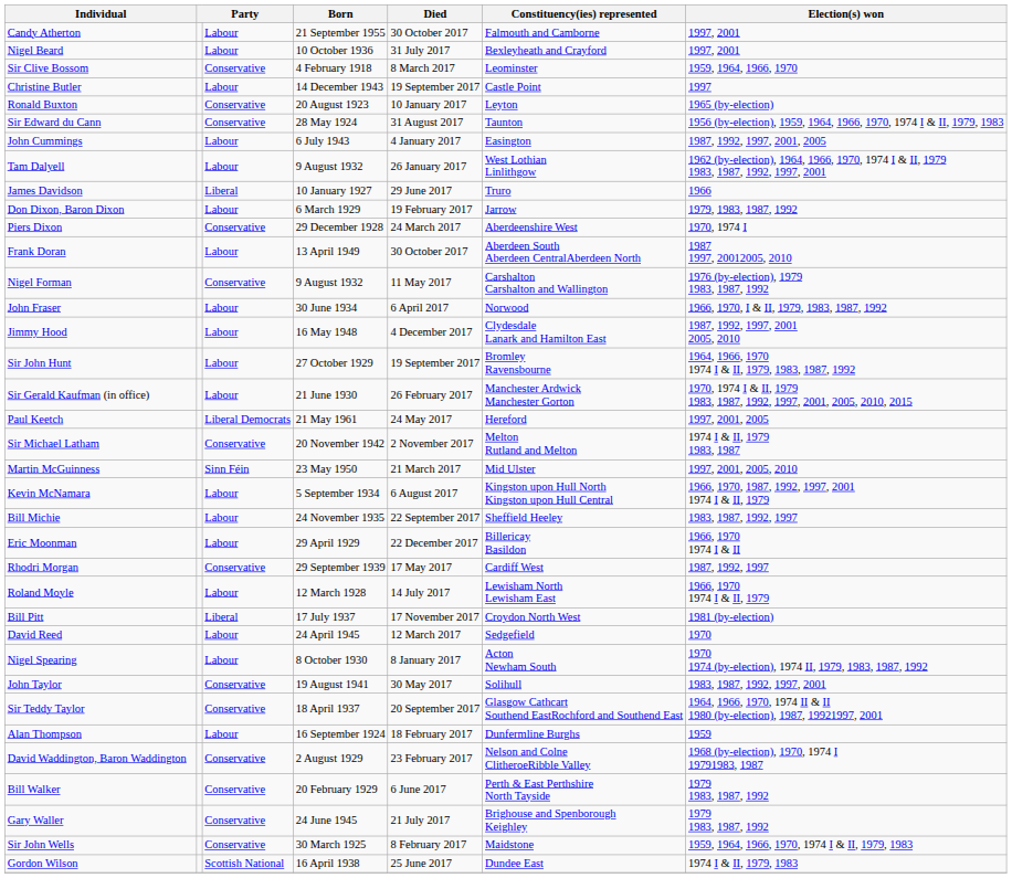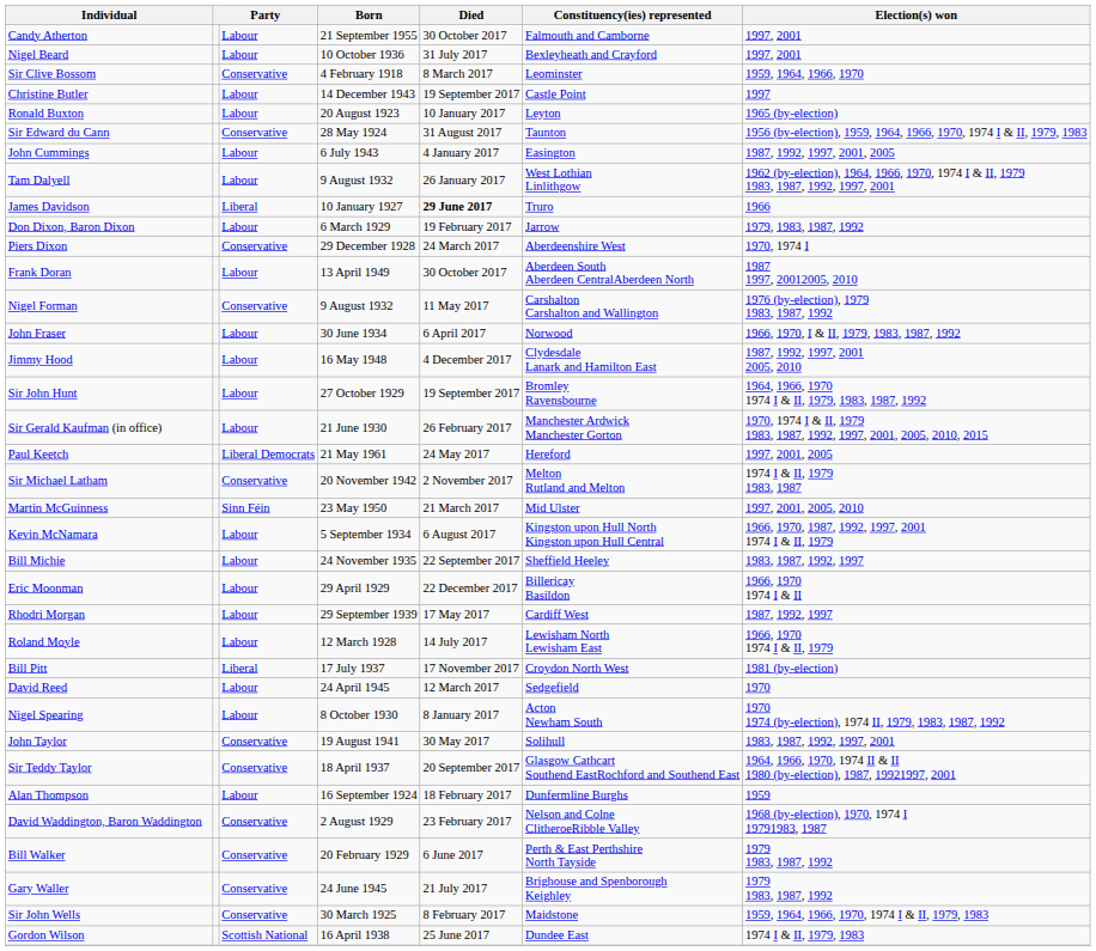 <table class="wikitable sortable">
 <tr>
 <th width="260px">Individual</th>
 <th colspan="2">Party</th>
 <th>Born</th>
 <th>Died</th>
 <th>Constituency(ies) represented</th>
 <th>Election(s) won</th>
 </tr>
 <tr>
 <td><a href='#'>Candy Atherton</a></td>
 <td style="background-color: "></td>
 <td><a href='#'>Labour</a></td>
 <td>21 September 1955</td>
 <td>30 October 2017</td>
 <td><a href='#'>Falmouth and Camborne</a></td>
 <td><a href='#'>1997</a>, <a href='#'>2001</a></td>
 </tr>
 <tr>
 <td><a href='#'>Nigel Beard</a></td>
 <td style="background-color: "></td>
 <td><a href='#'>Labour</a></td>
 <td>10 October 1936</td>
 <td>31 July 2017</td>
 <td><a href='#'>Bexleyheath and Crayford</a></td>
 <td><a href='#'>1997</a>, <a href='#'>2001</a></td>
 </tr>
 <tr>
 <td><a href='#'>Sir Clive Bossom</a></td>
 <td style="background-color: "></td>
 <td><a href='#'>Conservative</a></td>
 <td>4 February 1918</td>
 <td>8 March 2017</td>
 <td><a href='#'>Leominster</a></td>
 <td><a href='#'>1959</a>, <a href='#'>1964</a>, <a href='#'>1966</a>, <a href='#'>1970</a></td>
 </tr>
 <tr>
 <td><a href='#'>Christine Butler</a></td>
 <td style="background-color: "></td>
 <td><a href='#'>Labour</a></td>
 <td>14 December 1943</td>
 <td>19 September 2017</td>
 <td><a href='#'>Castle Point</a></td>
 <td><a href='#'>1997</a></td>
 </tr>
 <tr>
 <td><a href='#'>Ronald Buxton</a></td>
 <td style="background-color: "></td>
-<td><a href='#'>Conservative</a></td>
+<td><a href='#'>Labour</a></td>
 <td>20 August 1923</td>
 <td>10 January 2017</td>
 <td><a href='#'>Leyton</a></td>
 <td><a href='#'>1965 (by-election)</a></td>
 </tr>
 <tr>
 <td><a href='#'>Sir Edward du Cann</a></td>
 <td style="background-color: "></td>
 <td><a href='#'>Conservative</a></td>
 <td>28 May 1924</td>
 <td>31 August 2017</td>
 <td><a href='#'>Taunton</a></td>
 <td><a href='#'>1956 (by-election)</a>, <a href='#'>1959</a>, <a href='#'>1964</a>, <a href='#'>1966</a>, <a href='#'>1970</a>, 1974 <a href='#'>I</a> & <a href='#'>II</a>, <a href='#'>1979</a>, <a href='#'>1983</a></td>
 </tr>
 <tr>
 <td><a href='#'>John Cummings</a></td>
 <td style="background-color: "></td>
 <td><a href='#'>Labour</a></td>
 <td>6 July 1943</td>
 <td>4 January 2017</td>
 <td><a href='#'>Easington</a></td>
 <td><a href='#'>1987</a>, <a href='#'>1992</a>, <a href='#'>1997</a>, <a href='#'>2001</a>, <a href='#'>2005</a></td>
 </tr>
 <tr>
 <td><a href='#'>Tam Dalyell</a></td>
 <td style="background-color: "></td>
 <td><a href='#'>Labour</a></td>
 <td>9 August 1932</td>
 <td>26 January 2017</td>
 <td><a href='#'>West Lothian</a><br><a href='#'>Linlithgow</a></td>
 <td><a href='#'>1962 (by-election)</a>, <a href='#'>1964</a>, <a href='#'>1966</a>, <a href='#'>1970</a>, 1974 <a href='#'>I</a> & <a href='#'>II</a>, <a href='#'>1979</a><br><a href='#'>1983</a>, <a href='#'>1987</a>, <a href='#'>1992</a>, <a href='#'>1997</a>, <a href='#'>2001</a></td>
 </tr>
 <tr>
 <td><a href='#'>James Davidson</a></td>
 <td style="background-color: "></td>
 <td><a href='#'>Liberal</a></td>
 <td>10 January 1927</td>
-<td>29 June 2017</td>
+<td><strong>29 June 2017</strong></td>
 <td><a href='#'>Truro</a></td>
 <td><a href='#'>1966</a></td>
 </tr>
 <tr>
 <td><a href='#'>Don Dixon, Baron Dixon</a></td>
 <td style="background-color: "></td>
 <td><a href='#'>Labour</a></td>
 <td>6 March 1929</td>
 <td>19 February 2017</td>
 <td><a href='#'>Jarrow</a></td>
 <td><a href='#'>1979</a>, <a href='#'>1983</a>, <a href='#'>1987</a>, <a href='#'>1992</a></td>
 </tr>
 <tr>
 <td><a href='#'>Piers Dixon</a></td>
 <td style="background-color: "></td>
 <td><a href='#'>Conservative</a></td>
 <td>29 December 1928</td>
 <td>24 March 2017</td>
 <td><a href='#'>Aberdeenshire West</a></td>
 <td><a href='#'>1970</a>, 1974 <a href='#'>I</a></td>
 </tr>
 <tr>
 <td><a href='#'>Frank Doran</a></td>
 <td style="background-color: "></td>
 <td><a href='#'>Labour</a></td>
 <td>13 April 1949</td>
 <td>30 October 2017</td>
 <td><a href='#'>Aberdeen South</a><br><a href='#'>Aberdeen Central</a><a href='#'>Aberdeen North</a></td>
 <td><a href='#'>1987</a><br><a href='#'>1997</a>, <a href='#'>2001</a><a href='#'>2005</a>, <a href='#'>2010</a></td>
 </tr>
 <tr>
 <td><a href='#'>Nigel Forman</a></td>
 <td style="background-color: "></td>
 <td><a href='#'>Conservative</a></td>
 <td>9 August 1932</td>
 <td>11 May 2017</td>
 <td><a href='#'>Carshalton</a><br><a href='#'>Carshalton and Wallington</a></td>
 <td><a href='#'>1976 (by-election)</a>, <a href='#'>1979</a><br><a href='#'>1983</a>, <a href='#'>1987</a>, <a href='#'>1992</a></td>
 </tr>
 <tr>
 <td><a href='#'>John Fraser</a></td>
 <td style="background-color: "></td>
 <td><a href='#'>Labour</a></td>
 <td>30 June 1934</td>
 <td>6 April 2017</td>
 <td><a href='#'>Norwood</a></td>
 <td><a href='#'>1966</a>, <a href='#'>1970</a>, <a href='#'>I</a> & <a href='#'>II</a>, <a href='#'>1979</a>, <a href='#'>1983</a>, <a href='#'>1987</a>, <a href='#'>1992</a></td>
 </tr>
 <tr>
 <td><a href='#'>Jimmy Hood</a></td>
 <td style="background-color: "></td>
 <td><a href='#'>Labour</a></td>
 <td>16 May 1948</td>
 <td>4 December 2017</td>
 <td><a href='#'>Clydesdale</a><br><a href='#'>Lanark and Hamilton East</a></td>
 <td><a href='#'>1987</a>, <a href='#'>1992</a>, <a href='#'>1997</a>, <a href='#'>2001</a><br><a href='#'>2005</a>, <a href='#'>2010</a></td>
 </tr>
 <tr>
 <td><a href='#'>Sir John Hunt</a></td>
 <td style="background-color: "></td>
 <td><a href='#'>Labour</a></td>
 <td>27 October 1929</td>
 <td>19 September 2017</td>
 <td><a href='#'>Bromley</a><br><a href='#'>Ravensbourne</a></td>
 <td><a href='#'>1964</a>, <a href='#'>1966</a>, <a href='#'>1970</a><br>1974 <a href='#'>I</a> & <a href='#'>II</a>, <a href='#'>1979</a>, <a href='#'>1983</a>, <a href='#'>1987</a>, <a href='#'>1992</a></td>
 </tr>
 <tr>
 <td><a href='#'>Sir Gerald Kaufman</a> (in office)</td>
 <td style="background-color: "></td>
 <td><a href='#'>Labour</a></td>
 <td>21 June 1930</td>
 <td>26 February 2017</td>
 <td><a href='#'>Manchester Ardwick</a><br><a href='#'>Manchester Gorton</a></td>
 <td><a href='#'>1970</a>, 1974 <a href='#'>I</a> & <a href='#'>II</a>, <a href='#'>1979</a><br><a href='#'>1983</a>, <a href='#'>1987</a>, <a href='#'>1992</a>, <a href='#'>1997</a>, <a href='#'>2001</a>, <a href='#'>2005</a>, <a href='#'>2010</a>, <a href='#'>2015</a></td>
 </tr>
 <tr>
 <td><a href='#'>Paul Keetch</a></td>
 <td style="background-color: "></td>
 <td><a href='#'>Liberal Democrats</a></td>
 <td>21 May 1961</td>
 <td>24 May 2017</td>
 <td><a href='#'>Hereford</a></td>
 <td><a href='#'>1997</a>, <a href='#'>2001</a>, <a href='#'>2005</a></td>
 </tr>
 <tr>
 <td><a href='#'>Sir Michael Latham</a></td>
 <td style="background-color: "></td>
 <td><a href='#'>Conservative</a></td>
 <td>20 November 1942</td>
 <td>2 November 2017</td>
 <td><a href='#'>Melton</a><br><a href='#'>Rutland and Melton</a></td>
 <td>1974 <a href='#'>I</a> & <a href='#'>II</a>, <a href='#'>1979</a><br><a href='#'>1983</a>, <a href='#'>1987</a></td>
 </tr>
 <tr>
 <td><a href='#'>Martin McGuinness</a></td>
 <td style="background-color: "></td>
 <td><a href='#'>Sinn Féin</a></td>
 <td>23 May 1950</td>
 <td>21 March 2017</td>
 <td><a href='#'>Mid Ulster</a></td>
 <td><a href='#'>1997</a>, <a href='#'>2001</a>, <a href='#'>2005</a>, <a href='#'>2010</a></td>
 </tr>
 <tr>
 <td><a href='#'>Kevin McNamara</a></td>
 <td style="background-color: "></td>
 <td><a href='#'>Labour</a></td>
 <td>5 September 1934</td>
 <td>6 August 2017</td>
 <td><a href='#'>Kingston upon Hull North</a><br><a href='#'>Kingston upon Hull Central</a></td>
 <td><a href='#'>1966</a>, <a href='#'>1970</a>, <a href='#'>1987</a>, <a href='#'>1992</a>, <a href='#'>1997</a>, <a href='#'>2001</a><br>1974 <a href='#'>I</a> & <a href='#'>II</a>, <a href='#'>1979</a></td>
 </tr>
 <tr>
 <td><a href='#'>Bill Michie</a></td>
 <td style="background-color: "></td>
 <td><a href='#'>Labour</a></td>
 <td>24 November 1935</td>
 <td>22 September 2017</td>
 <td><a href='#'>Sheffield Heeley</a></td>
 <td><a href='#'>1983</a>, <a href='#'>1987</a>, <a href='#'>1992</a>, <a href='#'>1997</a></td>
 </tr>
 <tr>
 <td><a href='#'>Eric Moonman</a></td>
 <td style="background-color: "></td>
 <td><a href='#'>Labour</a></td>
 <td>29 April 1929</td>
 <td>22 December 2017</td>
 <td><a href='#'>Billericay</a><br><a href='#'>Basildon</a></td>
 <td><a href='#'>1966</a>, <a href='#'>1970</a><br>1974 <a href='#'>I</a> & <a href='#'>II</a></td>
 </tr>
 <tr>
 <td><a href='#'>Rhodri Morgan</a></td>
 <td style="background-color: "></td>
-<td><a href='#'>Conservative</a></td>
+<td><a href='#'>Labour</a></td>
 <td>29 September 1939</td>
 <td>17 May 2017</td>
 <td><a href='#'>Cardiff West</a></td>
 <td><a href='#'>1987</a>, <a href='#'>1992</a>, <a href='#'>1997</a></td>
 </tr>
 <tr>
 <td><a href='#'>Roland Moyle</a></td>
 <td style="background-color: "></td>
 <td><a href='#'>Labour</a></td>
 <td>12 March 1928</td>
 <td>14 July 2017</td>
 <td><a href='#'>Lewisham North</a><br><a href='#'>Lewisham East</a></td>
 <td><a href='#'>1966</a>, <a href='#'>1970</a><br>1974 <a href='#'>I</a> & <a href='#'>II</a>, <a href='#'>1979</a></td>
 </tr>
 <tr>
 <td><a href='#'>Bill Pitt</a></td>
 <td style="background-color: "></td>
 <td><a href='#'>Liberal</a></td>
 <td>17 July 1937</td>
 <td>17 November 2017</td>
 <td><a href='#'>Croydon North West</a></td>
 <td><a href='#'>1981 (by-election)</a></td>
 </tr>
 <tr>
 <td><a href='#'>David Reed</a></td>
 <td style="background-color: "></td>
 <td><a href='#'>Labour</a></td>
 <td>24 April 1945</td>
 <td>12 March 2017</td>
 <td><a href='#'>Sedgefield</a></td>
 <td><a href='#'>1970</a></td>
 </tr>
 <tr>
 <td><a href='#'>Nigel Spearing</a></td>
 <td style="background-color: "></td>
 <td><a href='#'>Labour</a></td>
 <td>8 October 1930</td>
 <td>8 January 2017</td>
 <td><a href='#'>Acton</a><br><a href='#'>Newham South</a></td>
 <td><a href='#'>1970</a><br><a href='#'>1974 (by-election)</a>, 1974 <a href='#'>II</a>, <a href='#'>1979</a>, <a href='#'>1983</a>, <a href='#'>1987</a>, <a href='#'>1992</a></td>
 </tr>
 <tr>
 <td><a href='#'>John Taylor</a></td>
 <td style="background-color: "></td>
 <td><a href='#'>Conservative</a></td>
 <td>19 August 1941</td>
 <td>30 May 2017</td>
 <td><a href='#'>Solihull</a></td>
 <td><a href='#'>1983</a>, <a href='#'>1987</a>, <a href='#'>1992</a>, <a href='#'>1997</a>, <a href='#'>2001</a></td>
 </tr>
 <tr>
 <td><a href='#'>Sir Teddy Taylor</a></td>
 <td style="background-color: "></td>
 <td><a href='#'>Conservative</a></td>
 <td>18 April 1937</td>
 <td>20 September 2017</td>
 <td><a href='#'>Glasgow Cathcart</a><br><a href='#'>Southend East</a><a href='#'>Rochford and Southend East</a></td>
 <td><a href='#'>1964</a>, <a href='#'>1966</a>, <a href='#'>1970</a>, 1974 <a href='#'>II</a> & <a href='#'>II</a><br><a href='#'>1980 (by-election)</a>, <a href='#'>1987</a>, <a href='#'>1992</a><a href='#'>1997</a>, <a href='#'>2001</a></td>
 </tr>
 <tr>
 <td><a href='#'>Alan Thompson</a></td>
 <td style="background-color: "></td>
 <td><a href='#'>Labour</a></td>
 <td>16 September 1924</td>
 <td>18 February 2017</td>
 <td><a href='#'>Dunfermline Burghs</a></td>
 <td><a href='#'>1959</a></td>
 </tr>
 <tr>
 <td><a href='#'>David Waddington, Baron Waddington</a></td>
 <td style="background-color: "></td>
 <td><a href='#'>Conservative</a></td>
 <td>2 August 1929</td>
 <td>23 February 2017</td>
 <td><a href='#'>Nelson and Colne</a><br><a href='#'>Clitheroe</a><a href='#'>Ribble Valley</a></td>
 <td><a href='#'>1968 (by-election)</a>, <a href='#'>1970</a>, 1974 <a href='#'>I</a><br><a href='#'>1979</a><a href='#'>1983</a>, <a href='#'>1987</a></td>
 </tr>
 <tr>
 <td><a href='#'>Bill Walker</a></td>
 <td style="background-color: "></td>
 <td><a href='#'>Conservative</a></td>
 <td>20 February 1929</td>
 <td>6 June 2017</td>
 <td><a href='#'>Perth & East Perthshire</a><br><a href='#'>North Tayside</a></td>
 <td><a href='#'>1979</a><br><a href='#'>1983</a>, <a href='#'>1987</a>, <a href='#'>1992</a></td>
 </tr>
 <tr>
 <td><a href='#'>Gary Waller</a></td>
 <td style="background-color: "></td>
 <td><a href='#'>Conservative</a></td>
 <td>24 June 1945</td>
 <td>21 July 2017</td>
 <td><a href='#'>Brighouse and Spenborough</a><br><a href='#'>Keighley</a></td>
 <td><a href='#'>1979</a><br><a href='#'>1983</a>, <a href='#'>1987</a>, <a href='#'>1992</a></td>
 </tr>
 <tr>
 <td><a href='#'>Sir John Wells</a></td>
 <td style="background-color: "></td>
 <td><a href='#'>Conservative</a></td>
 <td>30 March 1925</td>
 <td>8 February 2017</td>
 <td><a href='#'>Maidstone</a></td>
 <td><a href='#'>1959</a>, <a href='#'>1964</a>, <a href='#'>1966</a>, <a href='#'>1970</a>, 1974 <a href='#'>I</a> & <a href='#'>II</a>, <a href='#'>1979</a>, <a href='#'>1983</a></td>
 </tr>
 <tr>
 <td><a href='#'>Gordon Wilson</a></td>
 <td style="background-color: "></td>
 <td><a href='#'>Scottish National</a></td>
 <td>16 April 1938</td>
 <td>25 June 2017</td>
 <td><a href='#'>Dundee East</a></td>
 <td>1974 <a href='#'>I</a> & <a href='#'>II</a>, <a href='#'>1979</a>, <a href='#'>1983</a></td>
 </tr>
 <tr>
 </tr>
 </table>
